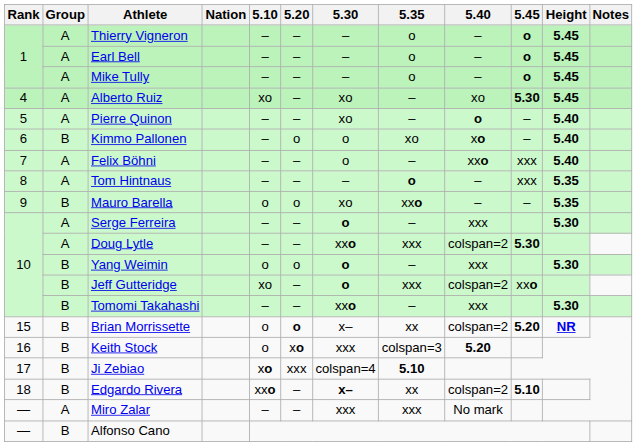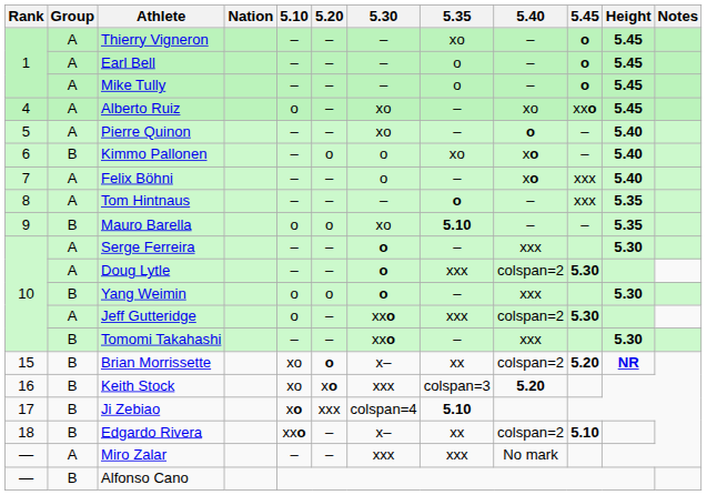 <table class="wikitable sortable" style="text-align:center">
 <tr>
 <th>Rank</th>
 <th>Group</th>
 <th>Athlete</th>
 <th>Nation</th>
 <th>5.10</th>
 <th>5.20</th>
 <th>5.30</th>
 <th>5.35</th>
 <th>5.40</th>
 <th>5.45</th>
 <th>Height</th>
 <th>Notes</th>
 </tr>
 <tr bgcolor=bbf3bb>
 <td rowspan=3>1</td>
 <td>A</td>
 <td align=left><a href='#'>Thierry Vigneron</a></td>
 <td align=left></td>
 <td>–</td>
 <td>–</td>
 <td>–</td>
-<td>o</td>
+<td>xo</td>
 <td>–</td>
 <td><strong>o</strong></td>
 <td><strong>5.45</strong></td>
 <td></td>
 </tr>
 <tr bgcolor=bbf3bb>
 <td>A</td>
 <td align=left><a href='#'>Earl Bell</a></td>
 <td align=left></td>
 <td>–</td>
 <td>–</td>
 <td>–</td>
 <td>o</td>
 <td>–</td>
 <td><strong>o</strong></td>
 <td><strong>5.45</strong></td>
 <td></td>
 </tr>
 <tr bgcolor=bbf3bb>
 <td>A</td>
 <td align=left><a href='#'>Mike Tully</a></td>
 <td align=left></td>
 <td>–</td>
 <td>–</td>
 <td>–</td>
 <td>o</td>
 <td>–</td>
 <td><strong>o</strong></td>
 <td><strong>5.45</strong></td>
 <td></td>
 </tr>
 <tr bgcolor=bbf3bb>
 <td>4</td>
 <td>A</td>
 <td align=left><a href='#'>Alberto Ruiz</a></td>
 <td align=left></td>
-<td>xo</td>
+<td>o</td>
 <td>–</td>
 <td>xo</td>
 <td>–</td>
 <td>xo</td>
-<td><strong>5.30</strong></td>
+<td>xx<strong>o</strong></td>
 <td><strong>5.45</strong></td>
 <td></td>
 </tr>
 <tr bgcolor=ccf9cc>
 <td>5</td>
 <td>A</td>
 <td align=left><a href='#'>Pierre Quinon</a></td>
 <td align=left></td>
 <td>–</td>
 <td>–</td>
 <td>xo</td>
 <td>–</td>
 <td><strong>o</strong></td>
 <td>–</td>
 <td><strong>5.40</strong></td>
 <td></td>
 </tr>
 <tr bgcolor=ccf9cc>
 <td>6</td>
 <td>B</td>
 <td align=left><a href='#'>Kimmo Pallonen</a></td>
 <td align=left></td>
 <td>–</td>
 <td>o</td>
 <td>o</td>
 <td>xo</td>
 <td>x<strong>o</strong></td>
 <td>–</td>
 <td><strong>5.40</strong></td>
 <td></td>
 </tr>
 <tr bgcolor=ccf9cc>
 <td>7</td>
 <td>A</td>
 <td align=left><a href='#'>Felix Böhni</a></td>
 <td align=left></td>
 <td>–</td>
 <td>–</td>
 <td>o</td>
 <td>–</td>
-<td>xx<strong>o</strong></td>
+<td>x<strong>o</strong></td>
 <td>xxx</td>
 <td><strong>5.40</strong></td>
 <td></td>
 </tr>
 <tr bgcolor=ccf9cc>
 <td>8</td>
 <td>A</td>
 <td align=left><a href='#'>Tom Hintnaus</a></td>
 <td align=left></td>
 <td>–</td>
 <td>–</td>
 <td>–</td>
 <td><strong>o</strong></td>
 <td>–</td>
 <td>xxx</td>
 <td><strong>5.35</strong></td>
 <td></td>
 </tr>
 <tr bgcolor=ccf9cc>
 <td>9</td>
 <td>B</td>
 <td align=left><a href='#'>Mauro Barella</a></td>
 <td align=left></td>
 <td>o</td>
 <td>o</td>
 <td>xo</td>
-<td>xx<strong>o</strong></td>
+<td><strong>5.10</strong></td>
 <td>–</td>
 <td>–</td>
 <td><strong>5.35</strong></td>
 <td></td>
 </tr>
 <tr bgcolor=ccf9cc>
 <td rowspan=5>10</td>
 <td>A</td>
 <td align=left><a href='#'>Serge Ferreira</a></td>
 <td align=left></td>
 <td>–</td>
 <td>–</td>
 <td><strong>o</strong></td>
 <td>–</td>
 <td>xxx</td>
 <td></td>
 <td><strong>5.30</strong></td>
 <td></td>
 </tr>
 <tr bgcolor=ccf9cc>
 <td>A</td>
 <td align=left><a href='#'>Doug Lytle</a></td>
 <td align=left></td>
 <td>–</td>
 <td>–</td>
-<td>xx<strong>o</strong></td>
+<td><strong>o</strong></td>
 <td>xxx</td>
 <td>colspan=2 </td>
 <td><strong>5.30</strong></td>
 <td></td>
 </tr>
 <tr bgcolor=ccf9cc>
 <td>B</td>
 <td align=left><a href='#'>Yang Weimin</a></td>
 <td align=left></td>
 <td>o</td>
 <td>o</td>
 <td><strong>o</strong></td>
 <td>–</td>
 <td>xxx</td>
 <td></td>
 <td><strong>5.30</strong></td>
 <td></td>
 </tr>
 <tr bgcolor=ccf9cc>
-<td>B</td>
+<td>A</td>
 <td align=left><a href='#'>Jeff Gutteridge</a></td>
 <td align=left></td>
-<td>xo</td>
+<td>o</td>
 <td>–</td>
-<td><strong>o</strong></td>
+<td>xx<strong>o</strong></td>
 <td>xxx</td>
 <td>colspan=2 </td>
-<td>xx<strong>o</strong></td>
+<td><strong>5.30</strong></td>
 <td></td>
 </tr>
 <tr bgcolor=ccf9cc>
 <td>B</td>
 <td align=left><a href='#'>Tomomi Takahashi</a></td>
 <td align=left></td>
 <td>–</td>
 <td>–</td>
 <td>xx<strong>o</strong></td>
 <td>–</td>
 <td>xxx</td>
 <td></td>
 <td><strong>5.30</strong></td>
 <td></td>
 </tr>
 <tr>
 <td>15</td>
 <td>B</td>
 <td align=left><a href='#'>Brian Morrissette</a></td>
 <td align=left></td>
-<td>o</td>
+<td>xo</td>
 <td><strong>o</strong></td>
 <td>x–</td>
 <td>xx</td>
 <td>colspan=2 </td>
 <td><strong>5.20</strong></td>
 <td><strong><a href='#'>NR</a></strong></td>
 </tr>
 <tr>
 <td>16</td>
 <td>B</td>
 <td align=left><a href='#'>Keith Stock</a></td>
 <td align=left></td>
-<td>o</td>
+<td>xo</td>
 <td>x<strong>o</strong></td>
 <td>xxx</td>
 <td>colspan=3 </td>
 <td><strong>5.20</strong></td>
 <td></td>
 </tr>
 <tr>
 <td>17</td>
 <td>B</td>
 <td align=left><a href='#'>Ji Zebiao</a></td>
 <td align=left></td>
 <td>x<strong>o</strong></td>
 <td>xxx</td>
 <td>colspan=4 </td>
 <td><strong>5.10</strong></td>
 <td></td>
 </tr>
 <tr>
 <td>18</td>
 <td>B</td>
 <td align=left><a href='#'>Edgardo Rivera</a></td>
 <td align=left></td>
 <td>xx<strong>o</strong></td>
 <td>–</td>
-<td><strong>x–</strong></td>
+<td>x–</td>
 <td>xx</td>
 <td>colspan=2 </td>
 <td><strong>5.10</strong></td>
 <td></td>
 </tr>
 <tr>
 <td data-sort-value=19>—</td>
 <td>A</td>
 <td align=left><a href='#'>Miro Zalar</a></td>
 <td align=left></td>
 <td>–</td>
 <td>–</td>
 <td>xxx</td>
 <td>xxx</td>
 <td data-sort-value=1.00>No mark</td>
 <td></td>
 </tr>
 <tr>
 <td data-sort-value=20>—</td>
 <td>B</td>
 <td align=left>Alfonso Cano</td>
 <td align=left></td>
 <td colspan=7 data-sort-value=0.00></td>
 <td></td>
 </tr>
 </table>
